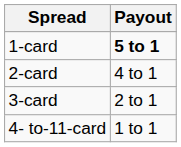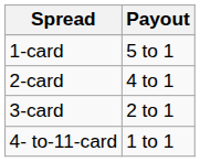 <table class="wikitable">
 <tr>
 <th>Spread</th>
 <th>Payout</th>
 </tr>
 <tr>
 </tr>
 <tr 3 of a kind>
 </tr>
 <tr 11 to 1>
 </tr>
 <tr>
 <td>1-card</td>
-<td><strong>5 to 1</strong></td>
+<td>5 to 1</td>
 </tr>
 <tr>
 <td>2-card</td>
 <td>4 to 1</td>
 </tr>
 <tr>
 <td>3-card</td>
 <td>2 to 1</td>
 </tr>
 <tr>
 <td>4- to-11-card</td>
 <td>1 to 1</td>
 </tr>
 </table>
